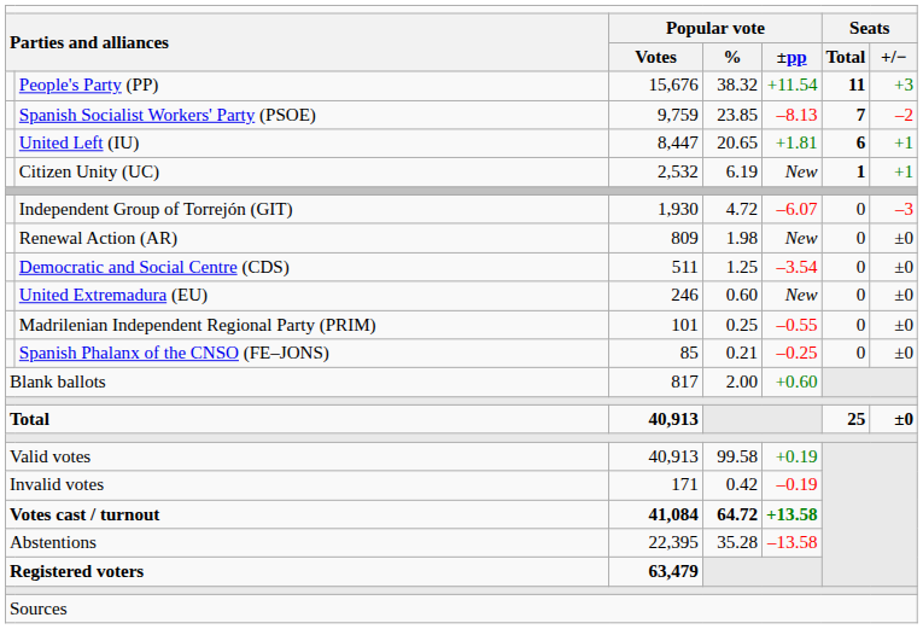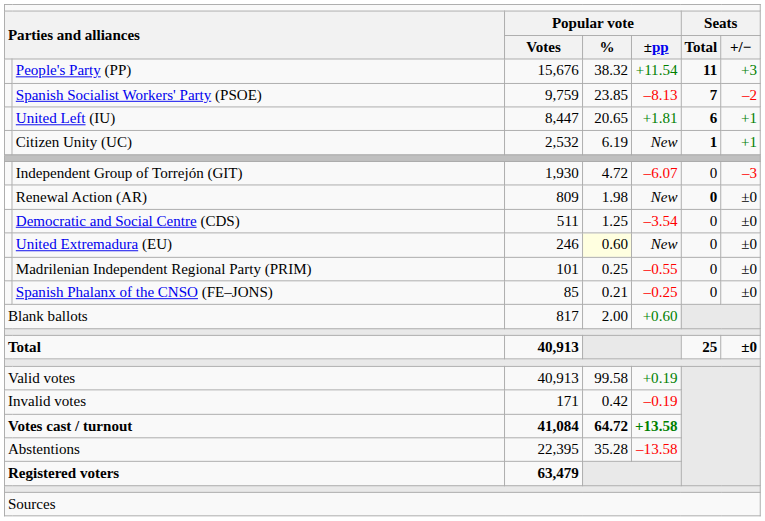 <table class="wikitable" style="text-align:right;">
 <tr>
 <td colspan="7"></td>
 </tr>
 <tr>
 <th style="text-align:left;" rowspan="2" colspan="2" width="525">Parties and alliances</th>
 <th colspan="3">Popular vote</th>
 <th colspan="2">Seats</th>
 </tr>
 <tr>
 <th width="75">Votes</th>
 <th width="45">%</th>
 <th width="45">±<a href='#'>pp</a></th>
 <th width="35">Total</th>
 <th width="35">+/−</th>
 </tr>
 <tr>
 <td width="1" style="color:inherit;background:"></td>
 <td align="left"><a href='#'>People's Party</a> (PP)</td>
 <td>15,676</td>
 <td>38.32</td>
 <td style="color:green;">+11.54</td>
 <td><strong>11</strong></td>
 <td style="color:green;">+3</td>
 </tr>
 <tr>
 <td style="color:inherit;background:"></td>
 <td align="left"><a href='#'>Spanish Socialist Workers' Party</a> (PSOE)</td>
 <td>9,759</td>
 <td>23.85</td>
 <td style="color:red;">–8.13</td>
 <td><strong>7</strong></td>
 <td style="color:red;">–2</td>
 </tr>
 <tr>
 <td style="color:inherit;background:"></td>
 <td align="left"><a href='#'>United Left</a> (IU)</td>
 <td>8,447</td>
 <td>20.65</td>
 <td style="color:green;">+1.81</td>
 <td><strong>6</strong></td>
 <td style="color:green;">+1</td>
 </tr>
 <tr>
 <td style="color:inherit;background:"></td>
 <td align="left">Citizen Unity (UC)</td>
 <td>2,532</td>
 <td>6.19</td>
 <td><em>New</em></td>
 <td><strong>1</strong></td>
 <td style="color:green;">+1</td>
 </tr>
 <tr>
 <td colspan="7" bgcolor="#C0C0C0"></td>
 </tr>
 <tr>
 <td style="color:inherit;background:"></td>
 <td align="left">Independent Group of Torrejón (GIT)</td>
 <td>1,930</td>
 <td>4.72</td>
 <td style="color:red;">–6.07</td>
 <td>0</td>
 <td style="color:red;">–3</td>
 </tr>
 <tr>
 <td bgcolor="white"></td>
 <td align="left">Renewal Action (AR)</td>
 <td>809</td>
 <td>1.98</td>
 <td><em>New</em></td>
-<td>0</td>
+<td><strong>0</strong></td>
 <td>±0</td>
 </tr>
 <tr>
 <td style="color:inherit;background:"></td>
 <td align="left"><a href='#'>Democratic and Social Centre</a> (CDS)</td>
 <td>511</td>
 <td>1.25</td>
 <td style="color:red;">–3.54</td>
 <td>0</td>
 <td>±0</td>
 </tr>
 <tr>
 <td style="color:inherit;background:"></td>
 <td align="left"><a href='#'>United Extremadura</a> (EU)</td>
 <td>246</td>
-<td>0.60</td>
+<td style="background: lightyellow;">0.60</td>
 <td><em>New</em></td>
 <td>0</td>
 <td>±0</td>
 </tr>
 <tr>
 <td style="color:inherit;background:"></td>
 <td align="left">Madrilenian Independent Regional Party (PRIM)</td>
 <td>101</td>
 <td>0.25</td>
 <td style="color:red;">–0.55</td>
 <td>0</td>
 <td>±0</td>
 </tr>
 <tr>
 <td style="color:inherit;background:"></td>
 <td align="left"><a href='#'>Spanish Phalanx of the CNSO</a> (FE–JONS)</td>
 <td>85</td>
 <td>0.21</td>
 <td style="color:red;">–0.25</td>
 <td>0</td>
 <td>±0</td>
 </tr>
 <tr>
 <td align="left" colspan="2">Blank ballots</td>
 <td>817</td>
 <td>2.00</td>
 <td style="color:green;">+0.60</td>
 <td bgcolor="#E9E9E9" colspan="2"></td>
 </tr>
 <tr>
 <td colspan="7" bgcolor="#E9E9E9"></td>
 </tr>
 <tr style="font-weight:bold;">
 <td align="left" colspan="2">Total</td>
 <td>40,913</td>
 <td bgcolor="#E9E9E9" colspan="2"></td>
 <td>25</td>
 <td>±0</td>
 </tr>
 <tr>
 <td colspan="7" bgcolor="#E9E9E9"></td>
 </tr>
 <tr>
 <td align="left" colspan="2">Valid votes</td>
 <td>40,913</td>
 <td>99.58</td>
 <td style="color:green;">+0.19</td>
 <td bgcolor="#E9E9E9" colspan="2" rowspan="5"></td>
 </tr>
 <tr>
 <td align="left" colspan="2">Invalid votes</td>
 <td>171</td>
 <td>0.42</td>
 <td style="color:red;">–0.19</td>
 </tr>
 <tr style="font-weight:bold;">
 <td align="left" colspan="2">Votes cast / turnout</td>
 <td>41,084</td>
 <td>64.72</td>
 <td style="color:green;">+13.58</td>
 </tr>
 <tr>
 <td align="left" colspan="2">Abstentions</td>
 <td>22,395</td>
 <td>35.28</td>
 <td style="color:red;">–13.58</td>
 </tr>
 <tr style="font-weight:bold;">
 <td align="left" colspan="2">Registered voters</td>
 <td>63,479</td>
 <td bgcolor="#E9E9E9" colspan="2"></td>
 </tr>
 <tr>
 <td colspan="7" bgcolor="#E9E9E9"></td>
 </tr>
 <tr>
 <td align="left" colspan="7">Sources</td>
 </tr>
 </table>
